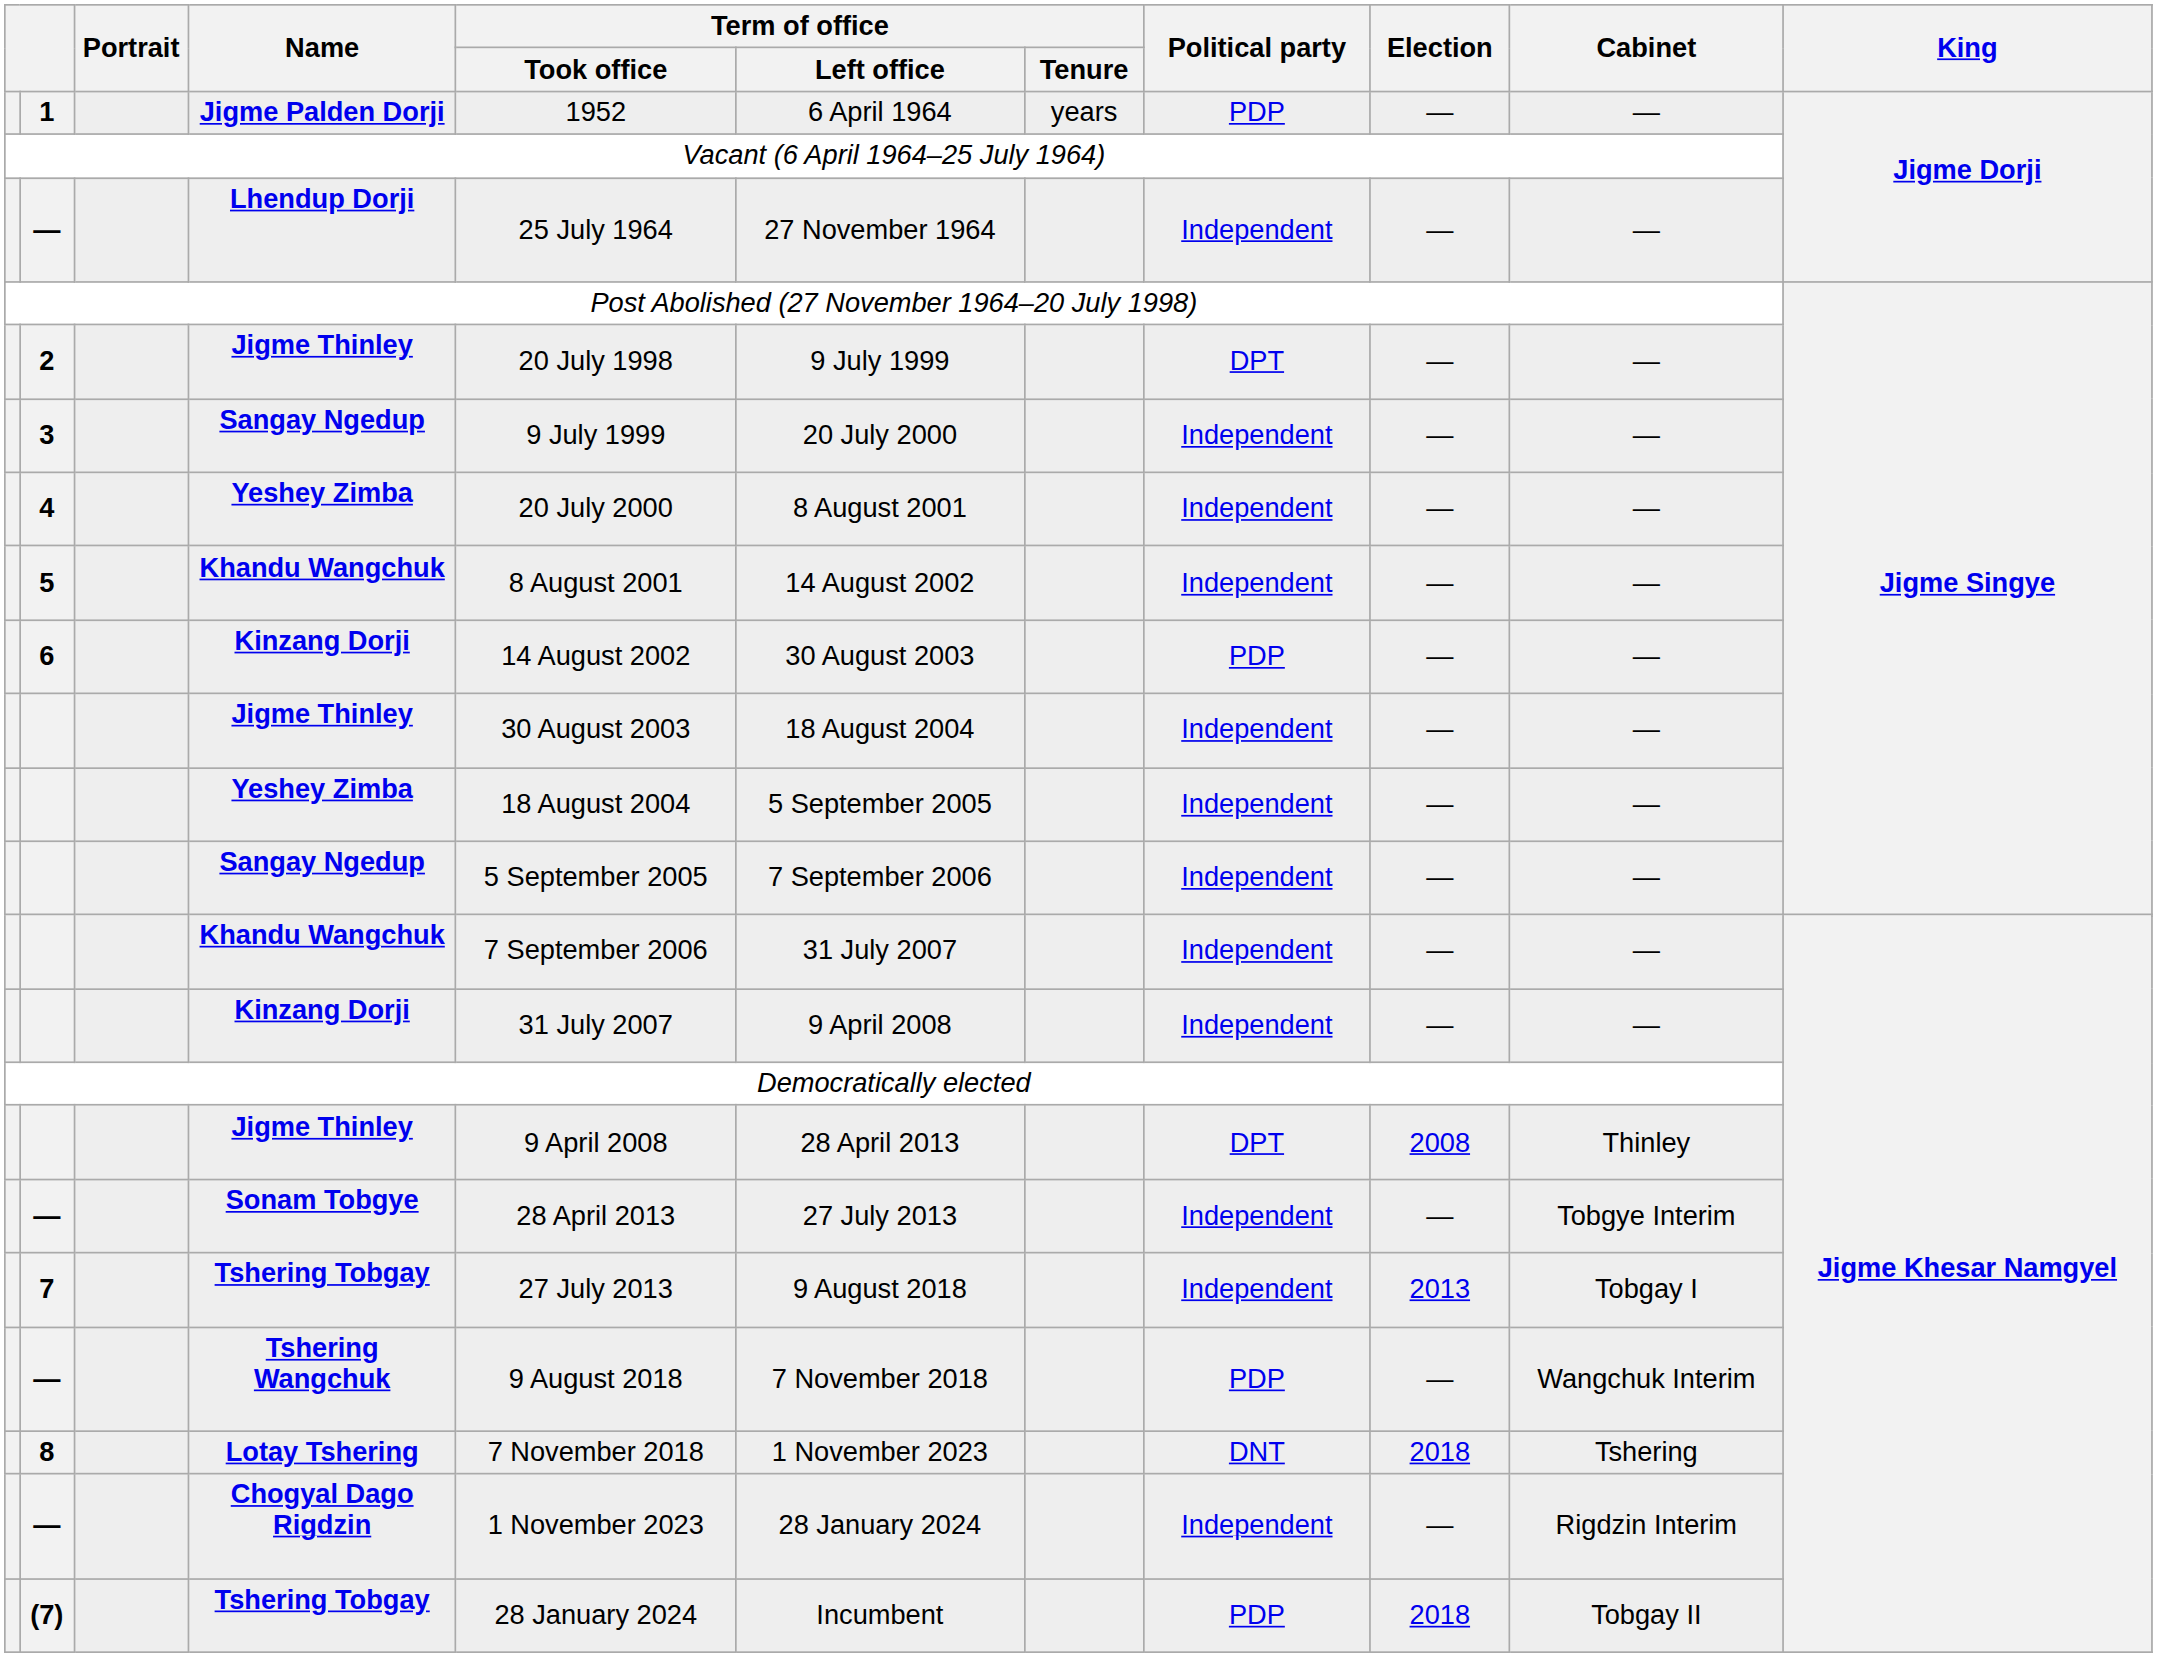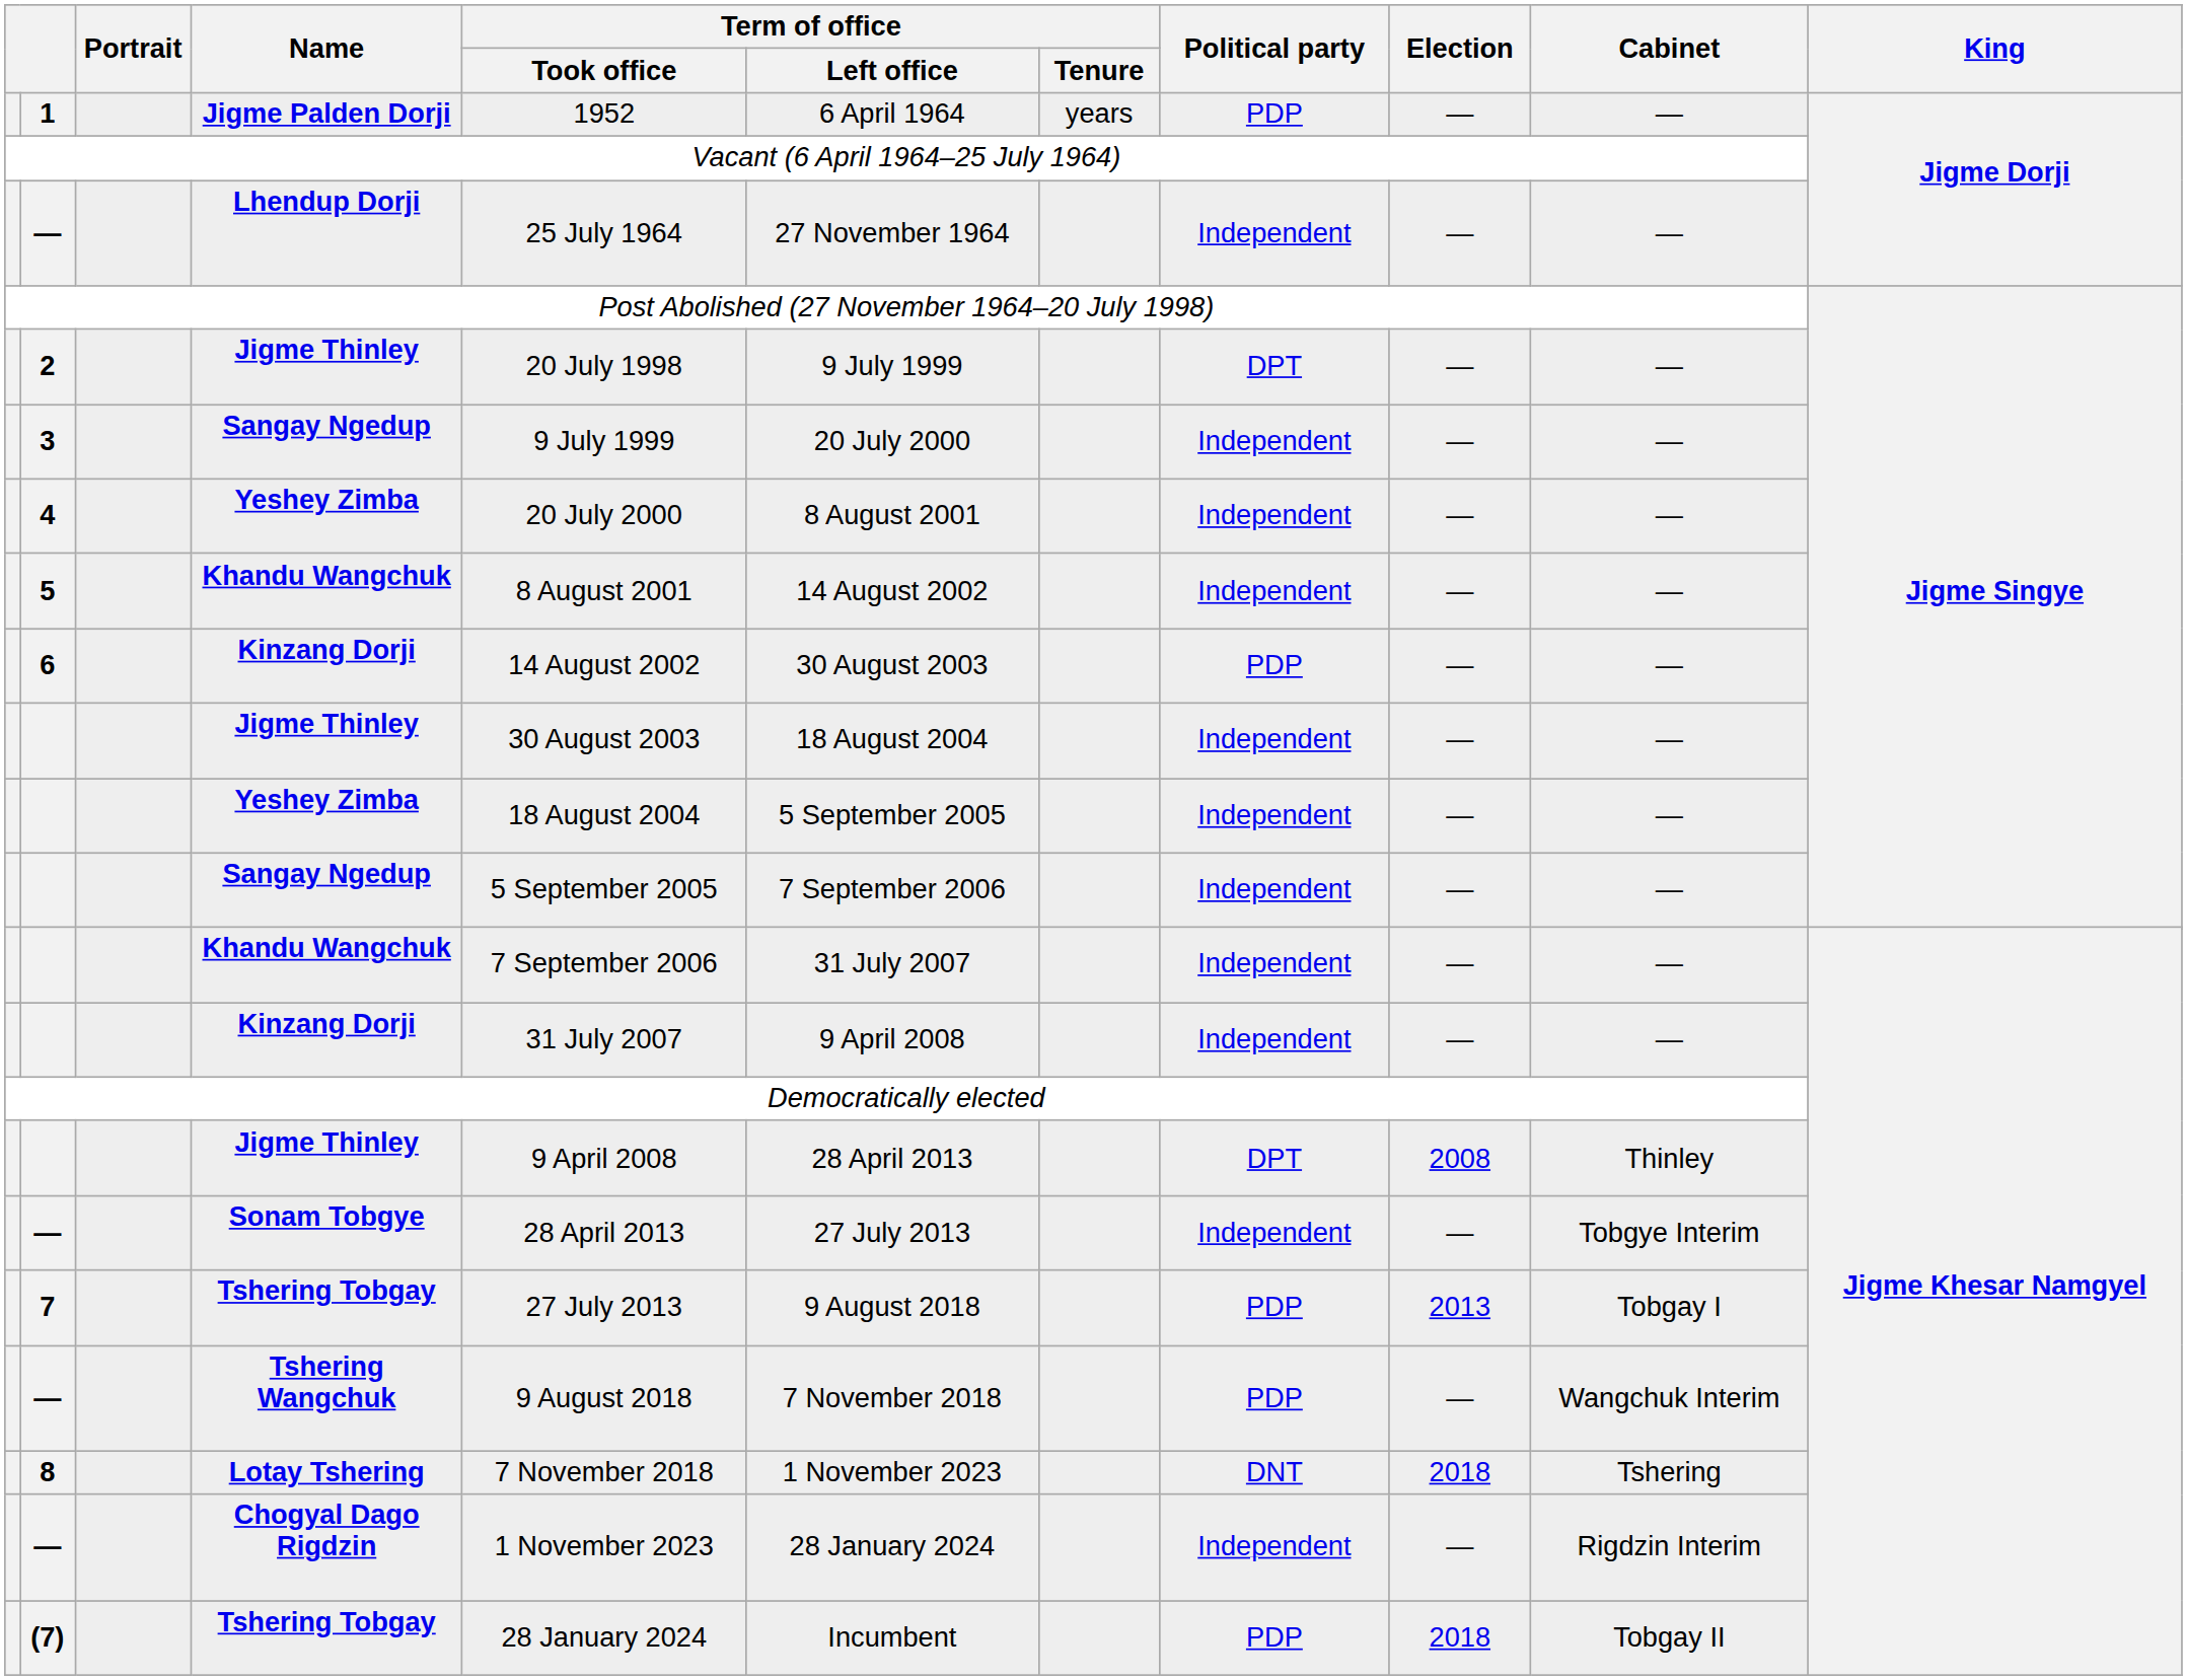 <table class="wikitable" style="text-align:center; border:1px #aaf solid; width:100%;">
 <tr>
 <th rowspan="2" colspan="2"></th>
 <th rowspan="2" style="width:60px;">Portrait</th>
 <th rowspan="2" style="width:150px;">Name<br></th>
 <th colspan="3">Term of office</th>
 <th rowspan="2">Political party</th>
 <th rowspan="2">Election</th>
 <th rowspan="2">Cabinet</th>
 <th rowspan="2"><a href='#'>King</a><br></th>
 </tr>
 <tr>
 <th>Took office</th>
 <th>Left office</th>
 <th>Tenure</th>
 </tr>
 <tr style="background:#EEEEEE">
 <th style="background:"></th>
 <th>1</th>
 <td></td>
 <td><strong><a href='#'>Jigme Palden Dorji</a></strong><br></td>
 <td>1952</td>
 <td>6 April 1964<br></td>
 <td>  years</td>
 <td><a href='#'>PDP</a></td>
 <td>—</td>
 <td>—</td>
 <th rowspan="4" style="font-weight:normal"><strong><a href='#'>Jigme Dorji</a></strong><br><br></th>
 </tr>
 <tr bgcolor=white>
 <td colspan="10"><em>Vacant (6 April 1964–25 July 1964)</em></td>
 </tr>
 <tr style="background:#EEEEEE">
 <th style="background:"></th>
 <th>—</th>
 <td></td>
 <td><strong><a href='#'>Lhendup Dorji</a></strong><br><br><br></td>
 <td>25 July 1964</td>
 <td>27 November 1964</td>
 <td></td>
 <td><a href='#'>Independent</a></td>
 <td>—</td>
 <td>—</td>
 </tr>
 <tr bgcolor=white>
 <td colspan="10" rowspan="2"><em>Post Abolished (27 November 1964–20 July 1998)</em></td>
 </tr>
 <tr>
 <th rowspan="10" style="font-weight:normal"><strong><a href='#'>Jigme Singye</a></strong><br><br></th>
 </tr>
 <tr style="background:#EEEEEE">
 <th style="background:"></th>
 <th>2</th>
 <td></td>
 <td><strong><a href='#'>Jigme Thinley</a></strong><br><br></td>
 <td>20 July 1998</td>
 <td>9 July 1999</td>
 <td></td>
 <td><a href='#'>DPT</a></td>
 <td>—</td>
 <td>—</td>
 </tr>
 <tr style="background:#EEEEEE">
 <th style="background:"></th>
 <th>3</th>
 <td></td>
 <td><strong><a href='#'>Sangay Ngedup</a></strong><br><br></td>
 <td>9 July 1999</td>
 <td>20 July 2000</td>
 <td></td>
 <td><a href='#'>Independent</a></td>
 <td>—</td>
 <td>—</td>
 </tr>
 <tr style="background:#EEEEEE">
 <th style="background:"></th>
 <th>4</th>
 <td></td>
 <td><strong><a href='#'>Yeshey Zimba</a></strong><br><br></td>
 <td>20 July 2000</td>
 <td>8 August 2001</td>
 <td></td>
 <td><a href='#'>Independent</a></td>
 <td>—</td>
 <td>—</td>
 </tr>
 <tr style="background:#EEEEEE">
 <th style="background:"></th>
 <th>5</th>
 <td></td>
 <td><strong><a href='#'>Khandu Wangchuk</a></strong><br><br></td>
 <td>8 August 2001</td>
 <td>14 August 2002</td>
 <td></td>
 <td><a href='#'>Independent</a></td>
 <td>—</td>
 <td>—</td>
 </tr>
 <tr style="background:#EEEEEE">
 <th style="background:"></th>
 <th>6</th>
 <td></td>
 <td><strong><a href='#'>Kinzang Dorji</a></strong><br><br></td>
 <td>14 August 2002</td>
 <td>30 August 2003</td>
 <td></td>
 <td><a href='#'>PDP</a></td>
 <td>—</td>
 <td>—</td>
 </tr>
 <tr style="background:#EEEEEE">
 <th style="background:"></th>
 <th></th>
 <td></td>
 <td><strong><a href='#'>Jigme Thinley</a></strong><br><br></td>
 <td>30 August 2003</td>
 <td>18 August 2004</td>
 <td></td>
 <td><a href='#'>Independent</a></td>
 <td>—</td>
 <td>—</td>
 </tr>
 <tr style="background:#EEEEEE">
 <th style="background:"></th>
 <th></th>
 <td></td>
 <td><strong><a href='#'>Yeshey Zimba</a></strong><br><br></td>
 <td>18 August 2004</td>
 <td>5 September 2005</td>
 <td></td>
 <td><a href='#'>Independent</a></td>
 <td>—</td>
 <td>—</td>
 </tr>
 <tr style="background:#EEEEEE">
 <th style="background:"></th>
 <th></th>
 <td></td>
 <td><strong><a href='#'>Sangay Ngedup</a></strong><br><br></td>
 <td>5 September 2005</td>
 <td>7 September 2006</td>
 <td></td>
 <td><a href='#'>Independent</a></td>
 <td>—</td>
 <td>—</td>
 </tr>
 <tr style="background:#EEEEEE">
 <th rowspan=2 style="background:"></th>
 <th rowspan=2></th>
 <td rowspan=2></td>
 <td rowspan=2><strong><a href='#'>Khandu Wangchuk</a></strong><br><br></td>
 <td rowspan=2>7 September 2006</td>
 <td rowspan=2>31 July 2007</td>
 <td rowspan=2></td>
 <td rowspan=2><a href='#'>Independent</a></td>
 <td rowspan=2>—</td>
 <td rowspan=2>—</td>
 </tr>
 <tr>
 <th rowspan="10" style="font-weight:normal"><strong><a href='#'>Jigme Khesar Namgyel</a></strong><br><br></th>
 </tr>
 <tr style="background:#EEEEEE">
 <th style="background:"></th>
 <th></th>
 <td></td>
 <td><strong><a href='#'>Kinzang Dorji</a></strong><br><br></td>
 <td>31 July 2007</td>
 <td>9 April 2008</td>
 <td></td>
 <td><a href='#'>Independent</a></td>
 <td>—</td>
 <td>—</td>
 </tr>
 <tr bgcolor=white>
 <td colspan="10"><em>Democratically elected</em></td>
 </tr>
 <tr style="background:#EEEEEE">
 <th style="background:"></th>
 <th></th>
 <td></td>
 <td><strong><a href='#'>Jigme Thinley</a></strong><br><br></td>
 <td>9 April 2008</td>
 <td>28 April 2013</td>
 <td></td>
 <td><a href='#'>DPT</a></td>
 <td><a href='#'>2008</a></td>
 <td>Thinley</td>
 </tr>
 <tr style="background:#EEEEEE">
 <th style="background:"></th>
 <th>—</th>
 <td></td>
 <td><strong><a href='#'>Sonam Tobgye</a></strong><br><br></td>
 <td>28 April 2013</td>
 <td>27 July 2013</td>
 <td></td>
 <td><a href='#'>Independent</a></td>
 <td>—</td>
 <td>Tobgye Interim</td>
 </tr>
 <tr style="background:#EEEEEE">
 <th style="background:"></th>
 <th>7</th>
 <td></td>
 <td><strong><a href='#'>Tshering Tobgay</a></strong><br><br></td>
 <td>27 July 2013</td>
 <td>9 August 2018</td>
 <td></td>
-<td><a href='#'>Independent</a></td>
+<td><a href='#'>PDP</a></td>
 <td><a href='#'>2013</a></td>
 <td>Tobgay I</td>
 </tr>
 <tr style="background:#EEEEEE">
 <th style="background:"></th>
 <th>—</th>
 <td></td>
 <td><strong><a href='#'>Tshering Wangchuk</a></strong><br><br></td>
 <td>9 August 2018</td>
 <td>7 November 2018</td>
 <td></td>
 <td><a href='#'>PDP</a></td>
 <td>—</td>
 <td>Wangchuk Interim</td>
 </tr>
 <tr style="background:#EEEEEE">
 <th style="background:"></th>
 <th>8</th>
 <td></td>
 <td><strong><a href='#'>Lotay Tshering</a></strong><br></td>
 <td>7 November 2018</td>
 <td>1 November 2023</td>
 <td></td>
 <td><a href='#'>DNT</a></td>
 <td><a href='#'>2018</a></td>
 <td>Tshering</td>
 </tr>
 <tr style="background:#EEEEEE">
 <th style="background:"></th>
 <th>—</th>
 <td></td>
 <td><strong><a href='#'>Chogyal Dago Rigdzin</a></strong><br><br></td>
 <td>1 November 2023</td>
 <td>28 January 2024</td>
 <td></td>
 <td><a href='#'>Independent</a></td>
 <td>—</td>
 <td>Rigdzin Interim</td>
 </tr>
 <tr style="background:#EEEEEE">
 <th style="background:"></th>
 <th>(7)</th>
 <td></td>
 <td><strong><a href='#'>Tshering Tobgay</a></strong><br><br></td>
 <td>28 January 2024</td>
 <td>Incumbent</td>
 <td></td>
 <td><a href='#'>PDP</a></td>
 <td><a href='#'>2018</a></td>
 <td>Tobgay II</td>
 </tr>
 </table>
